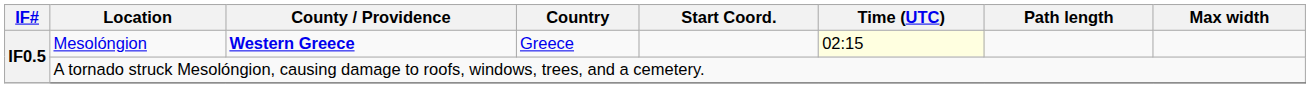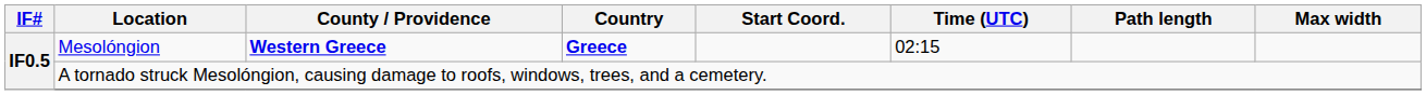 <table class="wikitable sortable" style="width:100%;">
 <tr>
 <th scope="col" width="2%" align="center"><a href='#'>IF#</a></th>
 <th scope="col" align="center" class="unsortable">Location</th>
 <th scope="col" align="center" class="unsortable">County / Providence</th>
 <th scope="col" align="center">Country</th>
 <th scope="col" align="center">Start Coord.</th>
 <th scope="col" align="center">Time (<a href='#'>UTC</a>)</th>
 <th scope="col" align="center">Path length</th>
 <th scope="col" align="center">Max width</th>
 </tr>
 <tr>
 <th scope="row" rowspan="2" style="background-color:#">IF0.5</th>
 <td><a href='#'>Mesolóngion</a></td>
 <td><strong><a href='#'>Western Greece</a></strong></td>
-<td><a href='#'>Greece</a></td>
+<td><strong><a href='#'>Greece</a></strong></td>
 <td></td>
-<td style="background: lightyellow;">02:15</td>
+<td>02:15</td>
 <td></td>
 <td></td>
 </tr>
 <tr class="expand-child">
 <td colspan="8" style=" border-bottom: 1px solid black;">A tornado struck Mesolóngion, causing damage to roofs, windows, trees, and a cemetery.</td>
 </tr>
 <tr>
 </tr>
 </table>
